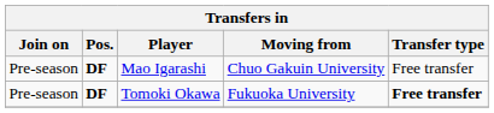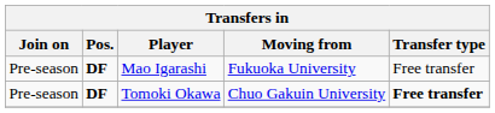 <table class="wikitable sortable" style=“text-align:left;>
 <tr>
 <th colspan="5">Transfers in</th>
 </tr>
 <tr>
 <th>Join on</th>
 <th>Pos.</th>
 <th>Player</th>
 <th>Moving from</th>
 <th>Transfer type</th>
 </tr>
 <tr>
 <td>Pre-season</td>
 <td><strong>DF</strong></td>
 <td> <a href='#'>Mao Igarashi</a></td>
-<td> <a href='#'>Chuo Gakuin University</a></td>
+<td> <a href='#'>Fukuoka University</a></td>
 <td>Free transfer</td>
 </tr>
 <tr>
 <td>Pre-season</td>
 <td><strong>DF</strong></td>
 <td> <a href='#'>Tomoki Okawa</a></td>
-<td> <a href='#'>Fukuoka University</a></td>
+<td> <a href='#'>Chuo Gakuin University</a></td>
 <td><strong>Free transfer</strong></td>
 </tr>
 <tr>
 </tr>
 </table>
